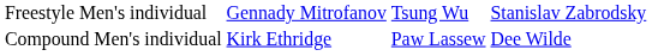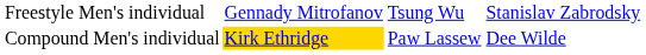 <table>
 <tr>
 <td>Freestyle Men's individual<br></td>
 <td> <a href='#'>Gennady Mitrofanov</a></td>
 <td> <a href='#'>Tsung Wu</a></td>
 <td> <a href='#'>Stanislav Zabrodsky</a></td>
 </tr>
 <tr>
 <td>Compound Men's individual<br></td>
-<td> <a href='#'>Kirk Ethridge</a></td>
+<td style="background: gold;"> <a href='#'>Kirk Ethridge</a></td>
 <td> <a href='#'>Paw Lassew</a></td>
 <td> <a href='#'>Dee Wilde</a></td>
 </tr>
 </table>
